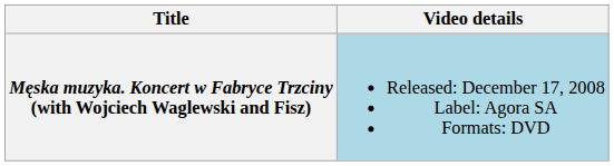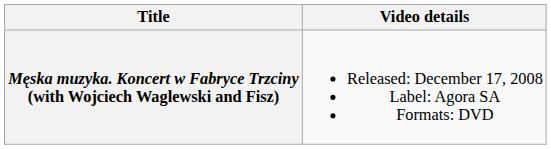 <table class="wikitable plainrowheaders" style="text-align:center;">
 <tr>
 <th scope="col">Title</th>
 <th scope="col">Video details</th>
 </tr>
 <tr>
 <th scope="row"><em>Męska muzyka. Koncert w Fabryce Trzciny</em><br>(with Wojciech Waglewski and Fisz)</th>
-<td style="background: lightblue;"><br><ul><li>Released: December 17, 2008</li><li>Label: Agora SA</li><li>Formats: DVD</li></ul></td>
+<td><br><ul><li>Released: December 17, 2008</li><li>Label: Agora SA</li><li>Formats: DVD</li></ul></td>
 </tr>
 </table>
